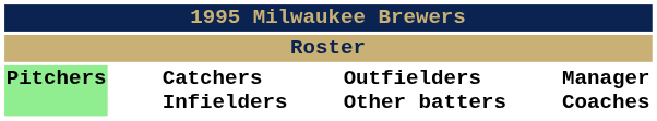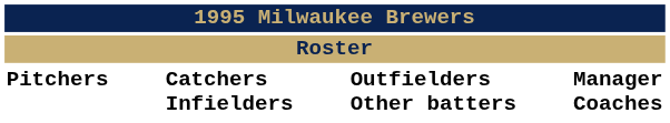 <table class="toccolours" style="font-size: 95%;">
 <tr>
 <th colspan="10" style="background-color: #0a2351; color:#c9b074;  text-align: center;">1995 Milwaukee Brewers</th>
 </tr>
 <tr>
 <td colspan="10" style="background-color: #c9b074; color: #0a2351; text-align: center;"><strong>Roster</strong></td>
 </tr>
 <tr>
-<td valign="top" style="background: lightgreen;"><strong>Pitchers</strong><br>                     </td>
+<td valign="top"><strong>Pitchers</strong><br>                     </td>
 <td width="25px"></td>
 <td valign="top"><strong>Catchers</strong><br>  <strong>Infielders</strong>        </td>
 <td width="25px"></td>
 <td valign="top"><strong>Outfielders</strong><br>        <strong>Other batters</strong> </td>
 <td width="25px"></td>
 <td valign="top"><strong>Manager</strong><br> <strong>Coaches</strong>     </td>
 </tr>
 <tr>
 </tr>
 </table>
